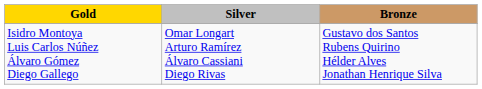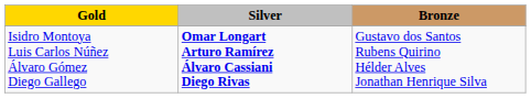 <table class="wikitable" style="text-align:left">
 <tr align="center">
 <td width=200 bgcolor=gold><strong>Gold</strong></td>
 <td width=200 bgcolor=silver><strong>Silver</strong></td>
 <td width=200 bgcolor=CC9966><strong>Bronze</strong></td>
 </tr>
 <tr>
 </tr>
 <tr>
 <td><a href='#'>Isidro Montoya</a><br><a href='#'>Luis Carlos Núñez</a><br><a href='#'>Álvaro Gómez</a><br><a href='#'>Diego Gallego</a><br><em></em></td>
-<td><a href='#'>Omar Longart</a><br><a href='#'>Arturo Ramírez</a><br><a href='#'>Álvaro Cassiani</a><br><a href='#'>Diego Rivas</a><br><em></em></td>
+<td><strong><a href='#'>Omar Longart</a><br><a href='#'>Arturo Ramírez</a><br><a href='#'>Álvaro Cassiani</a><br><a href='#'>Diego Rivas</a><br><em></em></strong></td>
 <td><a href='#'>Gustavo dos Santos</a><br><a href='#'>Rubens Quirino</a><br><a href='#'>Hélder Alves</a><br><a href='#'>Jonathan Henrique Silva</a><br><em></em></td>
 </tr>
 </table>
